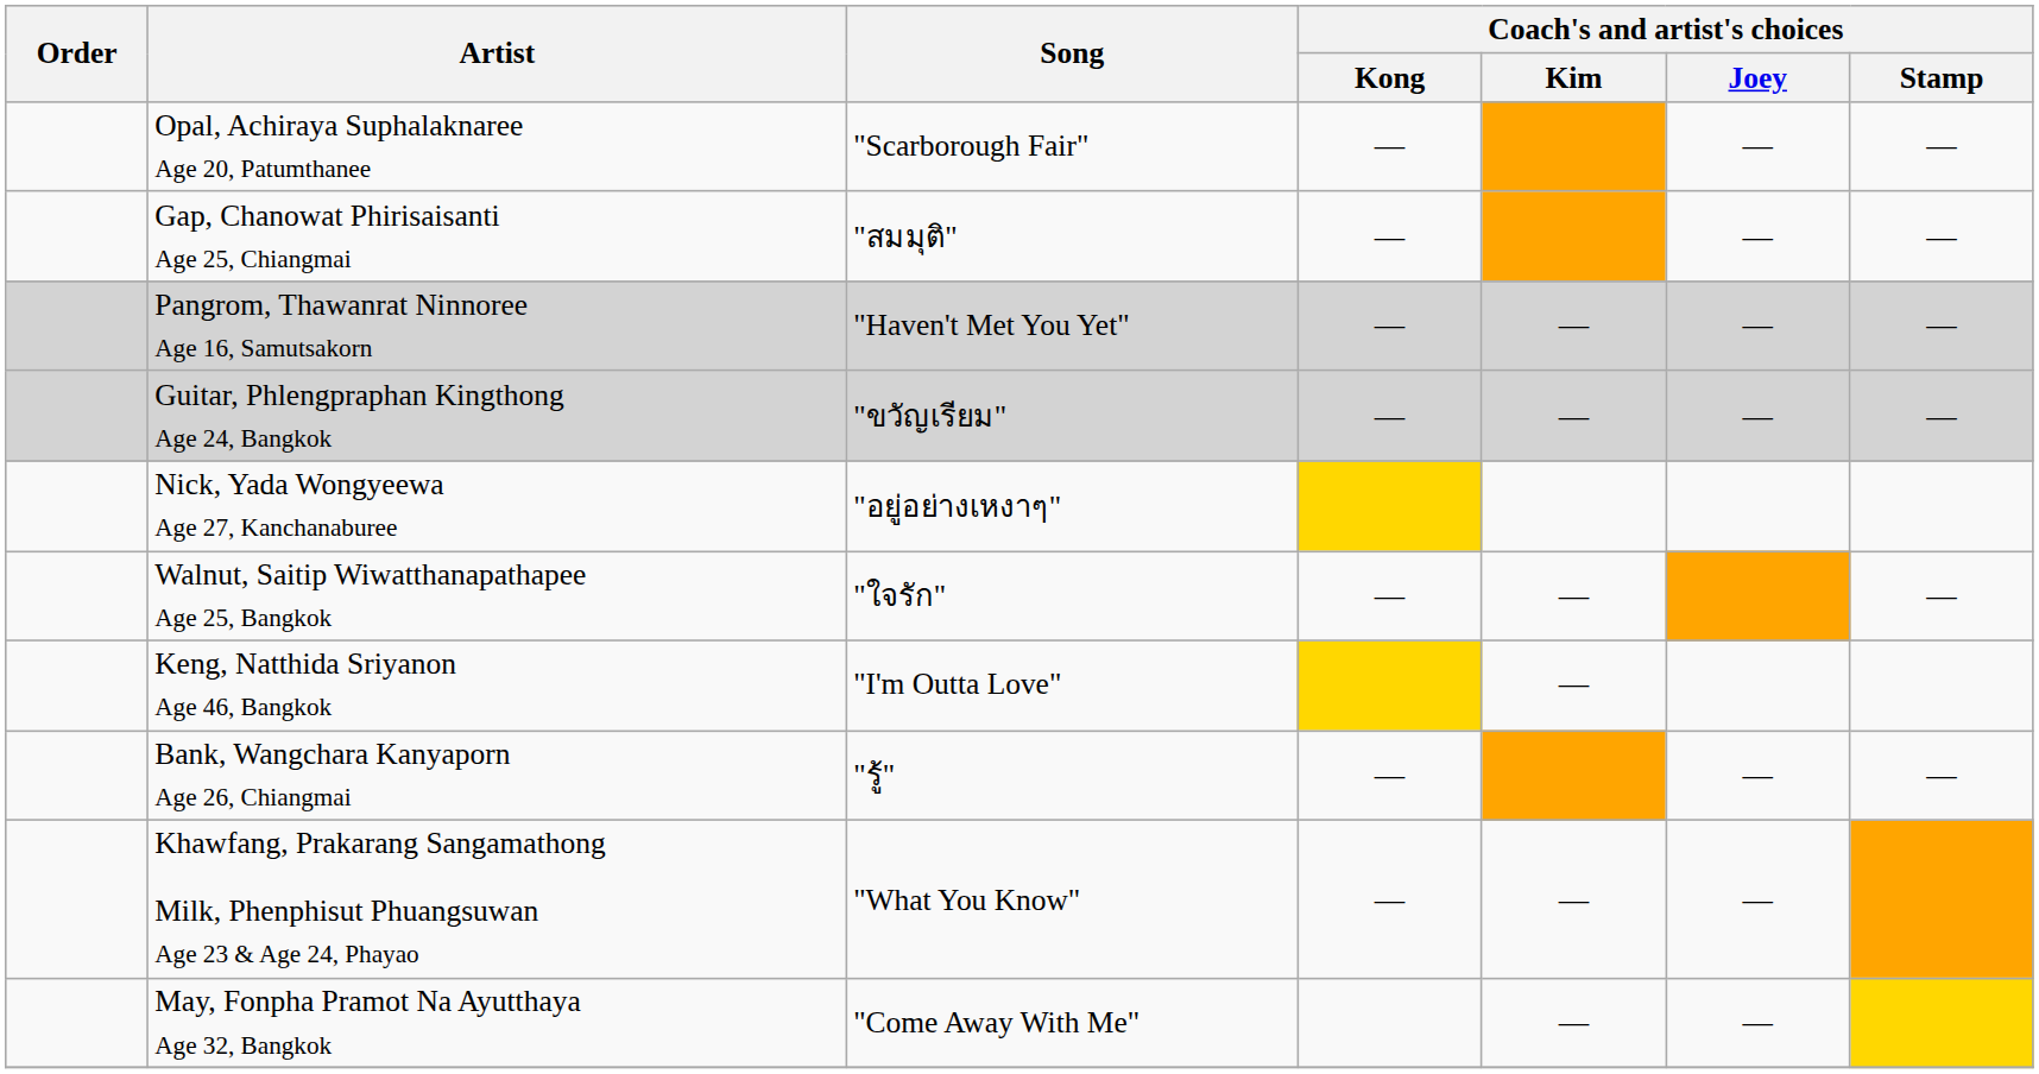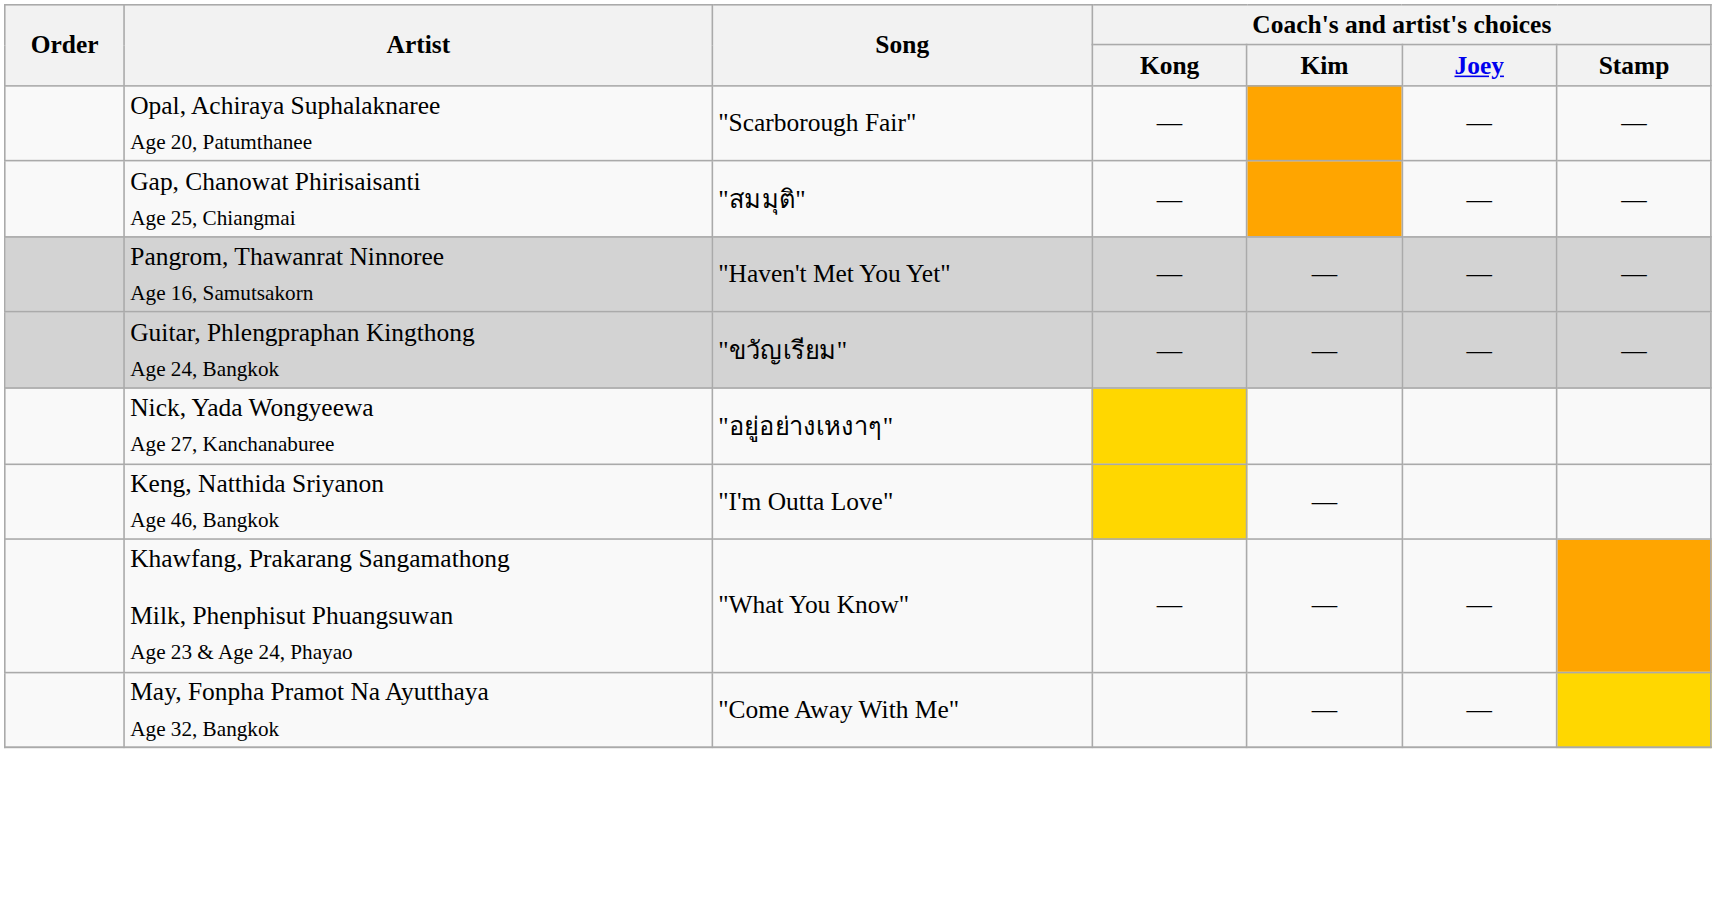 <table class="wikitable" style="width:85%;">
 <tr>
 <th rowspan="2">Order</th>
 <th rowspan="2">Artist</th>
 <th rowspan="2">Song</th>
 <th colspan="4">Coach's and artist's choices</th>
 </tr>
 <tr>
 <th width="90">Kong</th>
 <th width="90">Kim</th>
 <th width="90"><a href='#'>Joey</a></th>
 <th width="90">Stamp</th>
 </tr>
 <tr>
 <td></td>
 <td>Opal, Achiraya Suphalaknaree<br><sub>Age 20, Patumthanee</sub></td>
 <td>"Scarborough Fair"</td>
 <td style = "text-align:center;">—</td>
 <td style = "background:orange;text-align:center;"><strong></strong></td>
 <td style = "text-align:center;">—</td>
 <td style = "text-align:center;">—</td>
 </tr>
 <tr>
 <td></td>
 <td>Gap, Chanowat Phirisaisanti<br><sub>Age 25, Chiangmai</sub></td>
 <td>"สมมุติ"</td>
 <td style = "text-align:center;">—</td>
 <td style = "background:orange;text-align:center;"><strong></strong></td>
 <td style = "text-align:center;">—</td>
 <td style = "text-align:center;">—</td>
 </tr>
 <tr bgcolor=lightgrey>
 <td></td>
 <td>Pangrom, Thawanrat Ninnoree<br><sub>Age 16, Samutsakorn</sub></td>
 <td>"Haven't Met You Yet"</td>
 <td style = "text-align:center;">—</td>
 <td style = "text-align:center;">—</td>
 <td style = "text-align:center;">—</td>
 <td style = "text-align:center;">—</td>
 </tr>
 <tr bgcolor=lightgrey>
 <td></td>
 <td>Guitar, Phlengpraphan Kingthong<br><sub>Age 24, Bangkok</sub></td>
 <td>"ขวัญเรียม"</td>
 <td style = "text-align:center;">—</td>
 <td style = "text-align:center;">—</td>
 <td style = "text-align:center;">—</td>
 <td style = "text-align:center;">—</td>
 </tr>
 <tr>
 <td></td>
 <td>Nick, Yada Wongyeewa<br><sub>Age 27, Kanchanaburee</sub></td>
 <td>"อยู่อย่างเหงาๆ"</td>
 <td style = "background:gold;text-align:center;"><strong></strong></td>
 <td style = "text-align:center;"><strong></strong></td>
 <td style = "text-align:center;"><strong></strong></td>
 <td style = "text-align:center;"><strong></strong></td>
 </tr>
 <tr>
 <td></td>
-<td>Walnut, Saitip Wiwatthanapathapee<br><sub>Age 25, Bangkok </sub></td>
-<td>"ใจรัก"</td>
-<td style = "text-align:center;">—</td>
-<td style = "text-align:center;">—</td>
-<td style = "background:orange;text-align:center;"><strong></strong></td>
-<td style = "text-align:center;">—</td>
-</tr>
-<tr>
-<td></td>
 <td>Keng, Natthida Sriyanon<br><sub>Age 46, Bangkok</sub></td>
 <td>"I'm Outta Love"</td>
 <td style = "background:gold;text-align:center;"><strong></strong></td>
 <td style = "text-align:center;">—</td>
 <td style = "text-align:center;"><strong></strong></td>
 <td style = "text-align:center;"><strong></strong></td>
-</tr>
-<tr>
-<td></td>
-<td>Bank, Wangchara Kanyaporn<br><sub>Age 26, Chiangmai</sub></td>
-<td>"รู้"</td>
-<td style = "text-align:center;">—</td>
-<td style = "background:orange;text-align:center;"><strong></strong></td>
-<td style = "text-align:center;">—</td>
-<td style = "text-align:center;">—</td>
 </tr>
 <tr>
 <td></td>
 <td>Khawfang, Prakarang Sangamathong<br><br>Milk, Phenphisut Phuangsuwan<br> <sub>Age 23 & Age 24, Phayao </sub></td>
 <td>"What You Know"</td>
 <td style = "text-align:center;">—</td>
 <td style = "text-align:center;">—</td>
 <td style = "text-align:center;">—</td>
 <td style = "background:orange;text-align:center;"><strong></strong></td>
 </tr>
 <tr>
 <td></td>
 <td>May, Fonpha Pramot Na Ayutthaya<br><sub>Age 32, Bangkok</sub></td>
 <td>"Come Away With Me"</td>
 <td style = "text-align:center;"><strong></strong></td>
 <td style = "text-align:center;">—</td>
 <td style = "text-align:center;">—</td>
 <td style = "background:gold;text-align:center;"><strong></strong></td>
 </tr>
 <tr bgcolor=lightgrey>
 </tr>
 </table>
